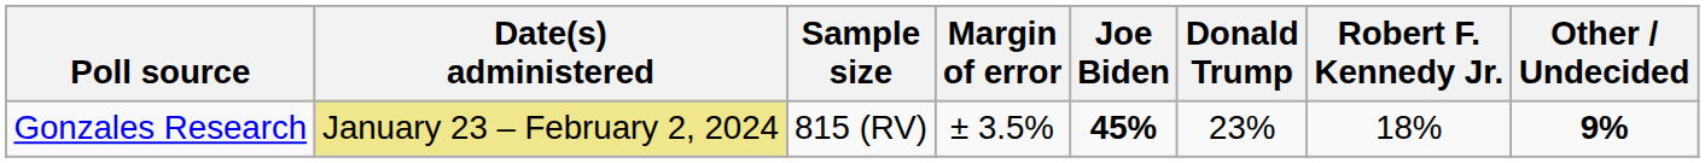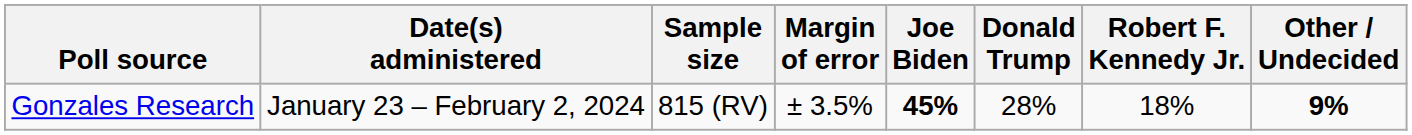 <table class="wikitable sortable mw-datatable" style="font-size:90%;text-align:center;line-height:17px">
 <tr valign=bottom>
 <th>Poll source</th>
 <th>Date(s)<br>administered</th>
 <th>Sample<br>size</th>
 <th>Margin<br>of error</th>
 <th class="unsortable">Joe<br>Biden<br></th>
 <th class="unsortable">Donald<br>Trump<br></th>
 <th class="unsortable">Robert F.<br>Kennedy Jr.<br></th>
 <th class="unsortable">Other /<br>Undecided</th>
 </tr>
 <tr>
 <td style="text-align:left;"><a href='#'>Gonzales Research</a></td>
-<td data-sort-value=2024-02-02 style="background: khaki;">January 23 – February 2, 2024</td>
+<td data-sort-value=2024-02-02>January 23 – February 2, 2024</td>
 <td>815 (RV)</td>
 <td>± 3.5%</td>
 <td style="color:black;background-color:"><strong>45%</strong></td>
-<td>23%</td>
+<td>28%</td>
 <td>18%</td>
 <td><strong>9%</strong></td>
 </tr>
 </table>
